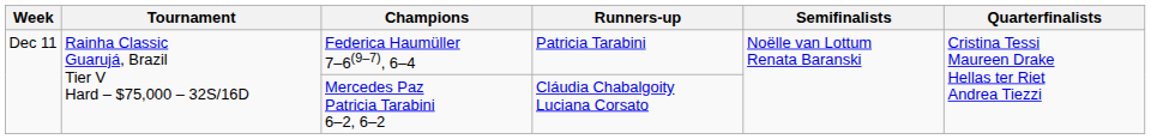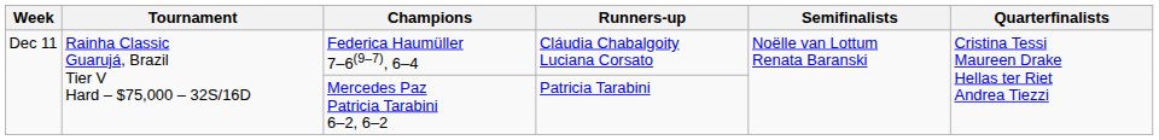 <table class=wikitable style=font-size:95%>
 <tr>
 <th style="width:48px;">Week</th>
 <th style="width:248px;">Tournament</th>
 <th style="width:200px;">Champions</th>
 <th style="width:200px;">Runners-up</th>
 <th style="width:190px;">Semifinalists</th>
 <th style="width:190px;">Quarterfinalists</th>
 </tr>
 <tr valign="top">
 <td rowspan=2>Dec 11</td>
 <td rowspan=2><a href='#'>Rainha Classic</a><br><a href='#'>Guarujá</a>, Brazil<br>Tier V <br>Hard – $75,000 – 32S/16D</td>
 <td>  <a href='#'>Federica Haumüller</a><br>7–6<sup>(9–7)</sup>, 6–4</td>
-<td> <a href='#'>Patricia Tarabini</a></td>
+<td> <a href='#'>Cláudia Chabalgoity</a><br> <a href='#'>Luciana Corsato</a></td>
 <td rowspan=2> <a href='#'>Noëlle van Lottum</a><br> <a href='#'>Renata Baranski</a></td>
 <td rowspan=2> <a href='#'>Cristina Tessi</a><br> <a href='#'>Maureen Drake</a><br> <a href='#'>Hellas ter Riet</a><br> <a href='#'>Andrea Tiezzi</a></td>
 </tr>
 <tr valign="top">
 <td> <a href='#'>Mercedes Paz</a><br>  <a href='#'>Patricia Tarabini</a><br>6–2, 6–2</td>
-<td> <a href='#'>Cláudia Chabalgoity</a><br> <a href='#'>Luciana Corsato</a></td>
+<td> <a href='#'>Patricia Tarabini</a></td>
 </tr>
 </table>
